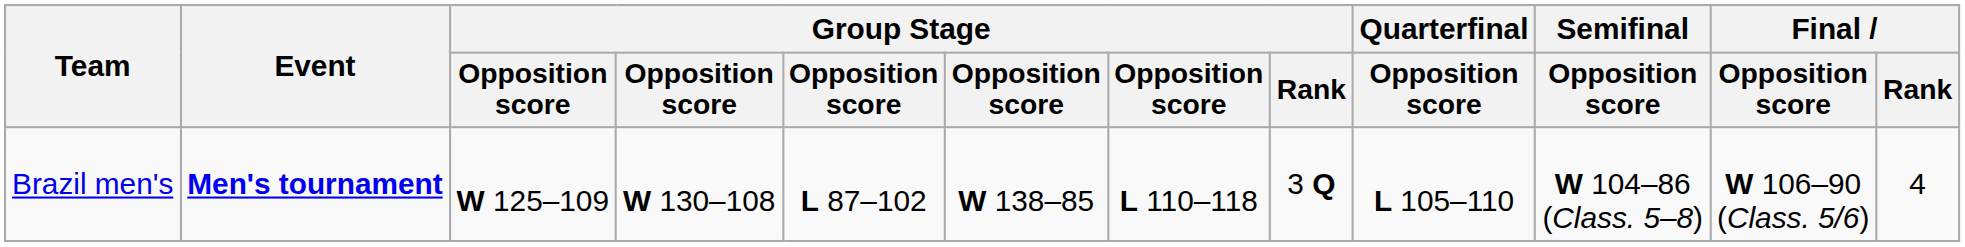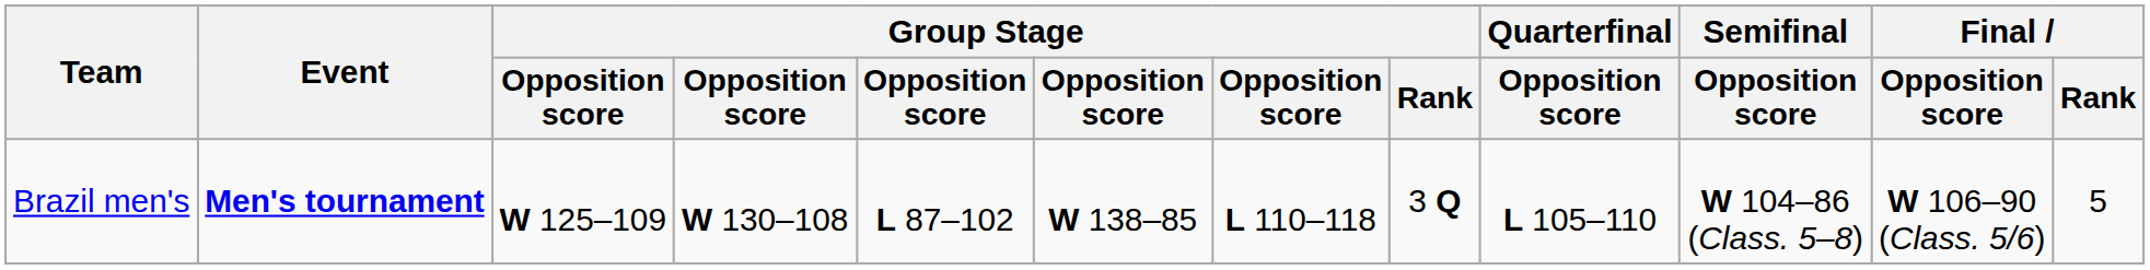 <table class=wikitable style=font-size:90%;text-align:center>
 <tr>
 <th rowspan=2>Team</th>
 <th rowspan=2>Event</th>
 <th colspan=6>Group Stage</th>
 <th>Quarterfinal</th>
 <th>Semifinal</th>
 <th colspan=2>Final / </th>
 </tr>
 <tr style=font-size:95%>
 <th>Opposition<br>score</th>
 <th>Opposition<br>score</th>
 <th>Opposition<br>score</th>
 <th>Opposition<br>score</th>
 <th>Opposition<br>score</th>
 <th>Rank</th>
 <th>Opposition<br>score</th>
 <th>Opposition<br>score</th>
 <th>Opposition<br>score</th>
 <th>Rank</th>
 </tr>
 <tr>
 <td align=left><a href='#'>Brazil men's</a></td>
 <td align=left><strong><a href='#'>Men's tournament</a></strong></td>
 <td><br><strong>W</strong> 125–109</td>
 <td><br><strong>W</strong> 130–108</td>
 <td><br><strong>L</strong> 87–102</td>
 <td><br><strong>W</strong> 138–85</td>
 <td><br><strong>L</strong> 110–118</td>
 <td>3 <strong>Q</strong></td>
 <td><br><strong>L</strong> 105–110</td>
 <td><br><strong>W</strong> 104–86<br> (<em>Class. 5–8</em>)</td>
 <td><br><strong>W</strong> 106–90<br> (<em>Class. 5/6</em>)</td>
-<td>4</td>
+<td>5</td>
 </tr>
 </table>
